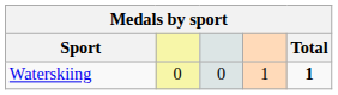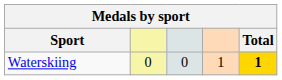 <table class="wikitable" style="font-size:90%; text-align:center;">
 <tr>
 <th colspan="5">Medals by sport</th>
 </tr>
 <tr>
 <th width="120">Sport</th>
 <th scope="col" width="30" style="background:#F7F6A8;"></th>
 <th scope="col" width="30" style="background:#DCE5E5;"></th>
 <th scope="col" width="30" style="background:#FFDAB9;"></th>
 <th width="30">Total</th>
 </tr>
 <tr>
 <td align="left"><a href='#'>Waterskiing</a></td>
 <td style="background:#F7F6A8;">0</td>
 <td style="background:#DCE5E5;">0</td>
 <td style="background:#FFDAB9;">1</td>
-<td><strong>1</strong></td>
+<td style="background: gold;"><strong>1</strong></td>
 </tr>
 </table>
